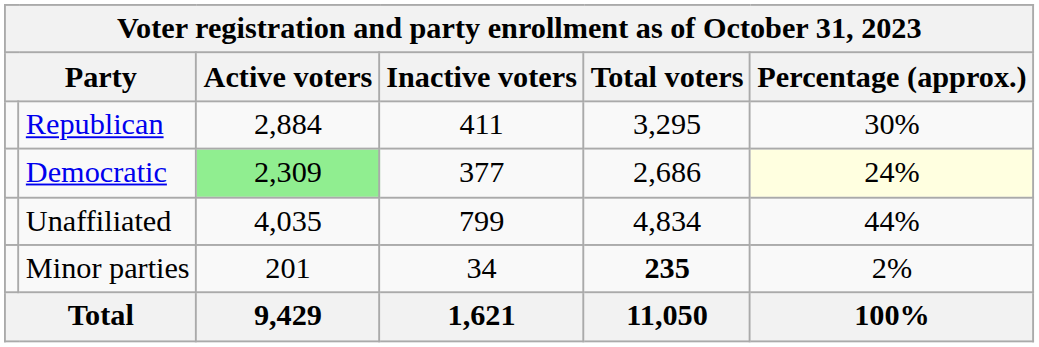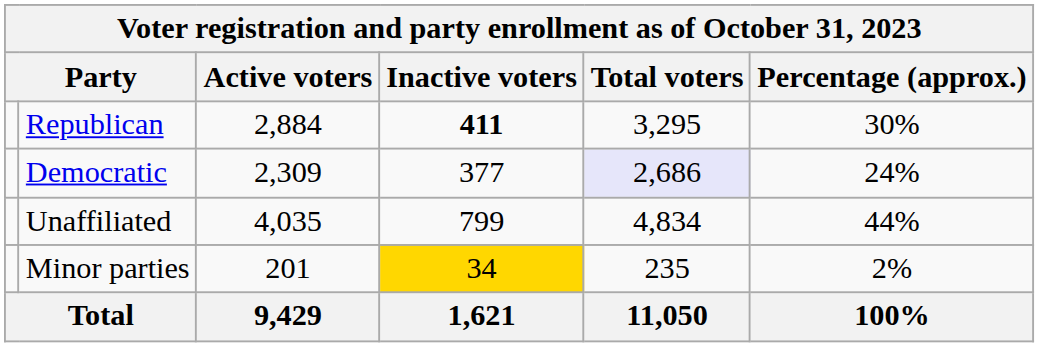 <table class=wikitable>
 <tr>
 <th colspan = 6>Voter registration and party enrollment as of October 31, 2023</th>
 </tr>
 <tr>
 <th colspan = 2>Party</th>
 <th>Active voters</th>
 <th>Inactive voters</th>
 <th>Total voters</th>
 <th>Percentage (approx.)</th>
 </tr>
 <tr>
 <td></td>
 <td><a href='#'>Republican</a></td>
 <td style="text-align:center;">2,884</td>
-<td style="text-align:center;">411</td>
+<td style="text-align:center;"><strong>411</strong></td>
 <td style="text-align:center;">3,295</td>
 <td style="text-align:center;">30%</td>
 </tr>
 <tr>
 <td></td>
 <td><a href='#'>Democratic</a></td>
-<td style="background: lightgreen; text-align:center;">2,309</td>
+<td style="text-align:center;">2,309</td>
 <td style="text-align:center;">377</td>
-<td style="text-align:center;">2,686</td>
-<td style="background: lightyellow; text-align:center;">24%</td>
+<td style="background: lavender; text-align:center;">2,686</td>
+<td style="text-align:center;">24%</td>
 </tr>
 <tr>
 <td></td>
 <td>Unaffiliated</td>
 <td style="text-align:center;">4,035</td>
 <td style="text-align:center;">799</td>
 <td style="text-align:center;">4,834</td>
 <td style="text-align:center;">44%</td>
 </tr>
 <tr>
 <td></td>
 <td>Minor parties</td>
 <td style="text-align:center;">201</td>
-<td style="text-align:center;">34</td>
-<td style="text-align:center;"><strong>235</strong></td>
+<td style="background: gold; text-align:center;">34</td>
+<td style="text-align:center;">235</td>
 <td style="text-align:center;">2%</td>
 </tr>
 <tr>
 <th colspan = 2>Total</th>
 <th style="text-align:center;">9,429</th>
 <th style="text-align:center;">1,621</th>
 <th style="text-align:center;">11,050</th>
 <th style="text-align:center;">100%</th>
 </tr>
 </table>
